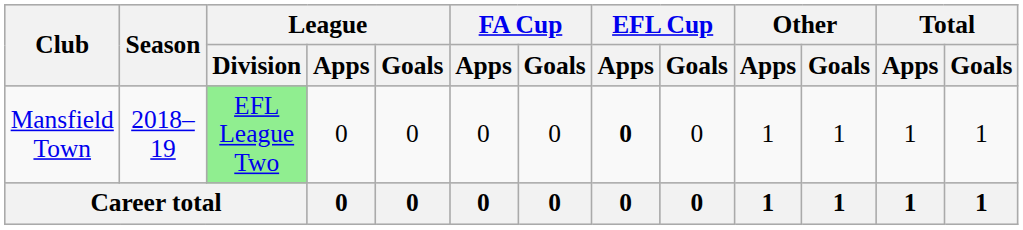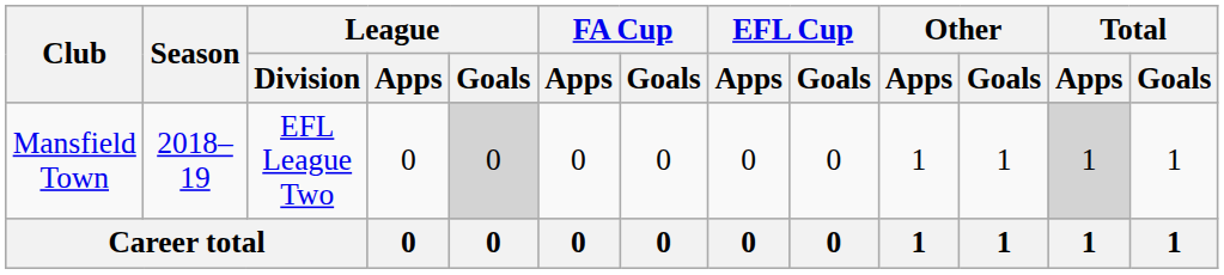 <table class="wikitable" style="text-align:center;">
 <tr>
 <th rowspan="2">Club</th>
 <th rowspan="2">Season</th>
 <th colspan="3">League</th>
 <th colspan="2"><a href='#'>FA Cup</a></th>
 <th colspan="2"><a href='#'>EFL Cup</a></th>
 <th colspan="2">Other</th>
 <th colspan="2">Total</th>
 </tr>
 <tr>
 <th>Division</th>
 <th>Apps</th>
 <th>Goals</th>
 <th>Apps</th>
 <th>Goals</th>
 <th>Apps</th>
 <th>Goals</th>
 <th>Apps</th>
 <th>Goals</th>
 <th>Apps</th>
 <th>Goals</th>
 </tr>
 <tr>
 <td><a href='#'>Mansfield Town</a></td>
 <td><a href='#'>2018–19</a></td>
-<td style="background: lightgreen;"><a href='#'>EFL League Two</a></td>
+<td><a href='#'>EFL League Two</a></td>
+<td>0</td>
+<td style="background: lightgrey;">0</td>
 <td>0</td>
 <td>0</td>
 <td>0</td>
 <td>0</td>
-<td><strong>0</strong></td>
-<td>0</td>
 <td>1</td>
 <td>1</td>
-<td>1</td>
+<td style="background: lightgrey;">1</td>
 <td>1</td>
 </tr>
 <tr>
 <th colspan="3">Career total</th>
 <th>0</th>
 <th>0</th>
 <th>0</th>
 <th>0</th>
 <th>0</th>
 <th>0</th>
 <th>1</th>
 <th>1</th>
 <th>1</th>
 <th>1</th>
 </tr>
 </table>
